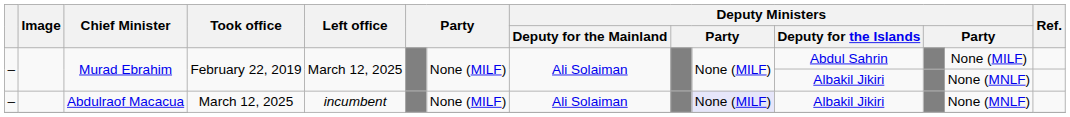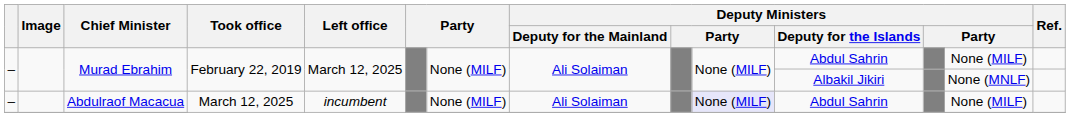 <table class="wikitable plainrowheaders" style="text-align: center;">
 <tr bgcolor=#cccccc>
 <th rowspan=2></th>
 <th rowspan=2>Image</th>
 <th rowspan=2>Chief Minister</th>
 <th rowspan=2>Took office</th>
 <th rowspan=2>Left office</th>
 <th colspan=2 rowspan=2>Party</th>
 <th colspan=6>Deputy Ministers</th>
 <th rowspan=2>Ref.</th>
 </tr>
 <tr>
 <th>Deputy for the Mainland</th>
 <th colspan=2>Party</th>
 <th>Deputy for <a href='#'>the Islands</a></th>
 <th colspan=2>Party</th>
 </tr>
 <tr>
 <td rowspan=2>–</td>
 <td rowspan=2></td>
 <td rowspan=2><a href='#'>Murad Ebrahim</a> </td>
 <td rowspan=2>February 22, 2019</td>
 <td rowspan=2>March 12, 2025</td>
 <td rowspan=2 width="2%" style="background:grey">  </td>
 <td rowspan=2>None (<a href='#'>MILF</a>)</td>
 <td rowspan=2><a href='#'>Ali Solaiman</a></td>
 <td rowspan=2 width="2%" style="background:grey">  </td>
 <td rowspan=2>None (<a href='#'>MILF</a>)</td>
 <td><a href='#'>Abdul Sahrin</a></td>
 <td width="2%" style="background:grey">  </td>
 <td>None (<a href='#'>MILF</a>)</td>
 <td></td>
 </tr>
 <tr>
 <td><a href='#'>Albakil Jikiri</a></td>
 <td width="2%" style="background:grey">  </td>
 <td>None (<a href='#'>MNLF</a>)</td>
 <td></td>
 </tr>
 <tr>
 <td>–</td>
 <td></td>
 <td><a href='#'>Abdulraof Macacua</a> </td>
 <td rowspan=2>March 12, 2025</td>
 <td rowspan=2><em>incumbent</em></td>
 <td width="2%" style="background:grey">  </td>
 <td>None (<a href='#'>MILF</a>)</td>
 <td><a href='#'>Ali Solaiman</a></td>
 <td width="2%" style="background:grey">  </td>
 <td style="background: lavender;">None (<a href='#'>MILF</a>)</td>
-<td><a href='#'>Albakil Jikiri</a></td>
+<td><a href='#'>Abdul Sahrin</a></td>
 <td width="2%" style="background:grey">  </td>
-<td>None (<a href='#'>MNLF</a>)</td>
+<td>None (<a href='#'>MILF</a>)</td>
 <td></td>
 </tr>
 <tr>
 </tr>
 </table>
